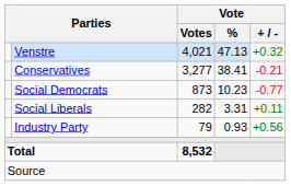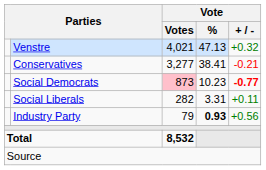 <table class="wikitable" style="text-align:right;">
 <tr>
 <th style="text-align:centre;" rowspan="2" colspan="2" width="225">Parties</th>
 <th colspan="3">Vote</th>
 </tr>
 <tr>
 <th width="15">Votes</th>
 <th width="15">%</th>
 <th width="15">+ / -</th>
 </tr>
 <tr>
 <td width="2" style="color:inherit;background:"></td>
 <td bgcolor=#cfe5fe  align="left"><a href='#'>Venstre</a></td>
 <td bgcolor=#cfe5fe>4,021</td>
 <td bgcolor=#cfe5fe>47.13</td>
 <td style=color:green;>+0.32</td>
 </tr>
 <tr>
 <td width="2" style="color:inherit;background:"></td>
 <td align="left"><a href='#'>Conservatives</a></td>
 <td>3,277</td>
 <td>38.41</td>
 <td style=color:red;>-0.21</td>
 </tr>
 <tr>
 <td width="2" style="color:inherit;background:"></td>
 <td align="left"><a href='#'>Social Democrats</a></td>
-<td>873</td>
+<td style="background: pink;">873</td>
 <td>10.23</td>
-<td style=color:red;>-0.77</td>
+<td style=color:red;><strong>-0.77</strong></td>
 </tr>
 <tr>
 <td width="2" style="color:inherit;background:"></td>
 <td align="left"><a href='#'>Social Liberals</a></td>
 <td>282</td>
 <td>3.31</td>
 <td style=color:green;>+0.11</td>
 </tr>
 <tr>
 <td width="2" style="color:inherit;background:"></td>
 <td align="left"><a href='#'>Industry Party</a></td>
 <td>79</td>
-<td>0.93</td>
+<td><strong>0.93</strong></td>
 <td style=color:green;>+0.56</td>
 </tr>
 <tr>
 <td colspan="7" bgcolor="#E9E9E9"></td>
 </tr>
 <tr>
 <td align="left" colspan="2"><strong>Total</strong></td>
 <td><strong>8,532</strong></td>
 <td bgcolor="#E9E9E9" colspan="2"></td>
 </tr>
 <tr>
 <td align="left" colspan="6">Source</td>
 </tr>
 </table>
